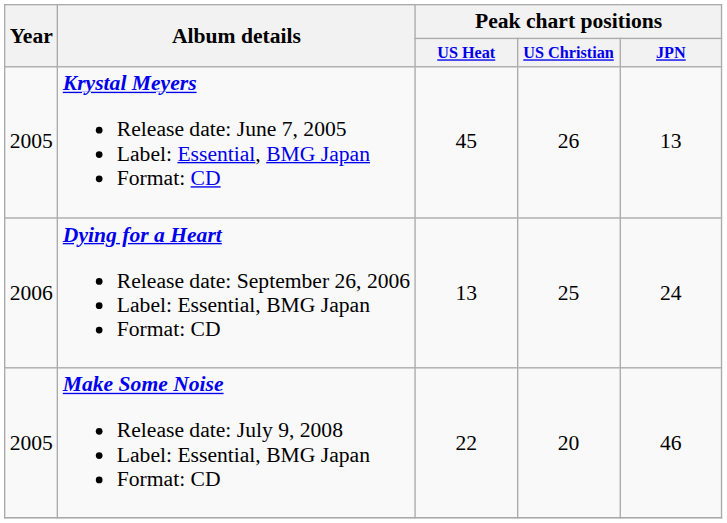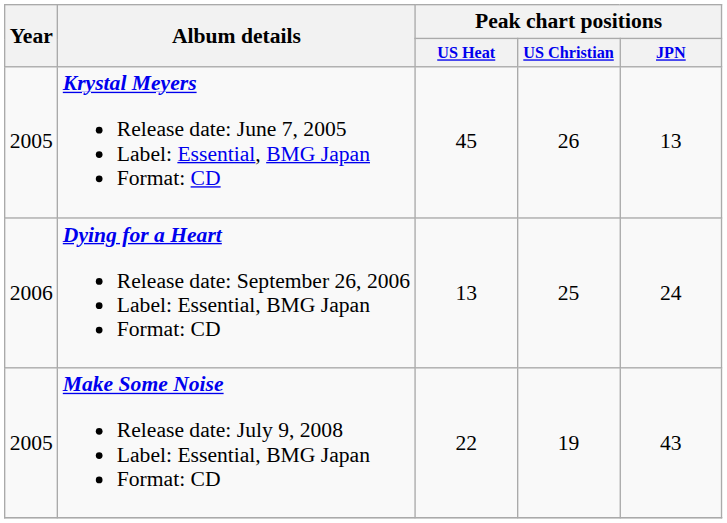 <table class="wikitable">
 <tr>
 <th rowspan="2">Year</th>
 <th rowspan="2">Album details</th>
 <th colspan="3">Peak chart positions</th>
 </tr>
 <tr>
 <th style="width:70px;font-size:75%"><a href='#'>US Heat</a><br></th>
 <th style="width:70px;font-size:75%"><a href='#'>US Christian</a><br></th>
 <th style="width:70px;font-size:75%"><a href='#'>JPN</a><br></th>
 </tr>
 <tr>
 <td>2005</td>
 <td style="text-align:left;"><strong><em><a href='#'>Krystal Meyers</a></em></strong><br><ul><li>Release date: June 7, 2005</li><li>Label: <a href='#'>Essential</a>, <a href='#'>BMG Japan</a></li><li>Format: <a href='#'>CD</a></li></ul></td>
 <td style="text-align:center;">45</td>
 <td style="text-align:center;">26</td>
 <td style="text-align:center;">13</td>
 </tr>
 <tr>
 <td>2006</td>
 <td style="text-align:left;"><strong><em><a href='#'>Dying for a Heart</a></em></strong><br><ul><li>Release date: September 26, 2006</li><li>Label: Essential, BMG Japan</li><li>Format: CD</li></ul></td>
 <td style="text-align:center;">13</td>
 <td style="text-align:center;">25</td>
 <td style="text-align:center;">24</td>
 </tr>
 <tr>
 <td>2005</td>
 <td style="text-align:left;"><strong><em><a href='#'>Make Some Noise</a></em></strong><br><ul><li>Release date: July 9, 2008</li><li>Label: Essential, BMG Japan</li><li>Format: CD</li></ul></td>
 <td style="text-align:center;">22</td>
-<td style="text-align:center;">20</td>
-<td style="text-align:center;">46</td>
+<td style="text-align:center;">19</td>
+<td style="text-align:center;">43</td>
 </tr>
 <tr>
 </tr>
 </table>
